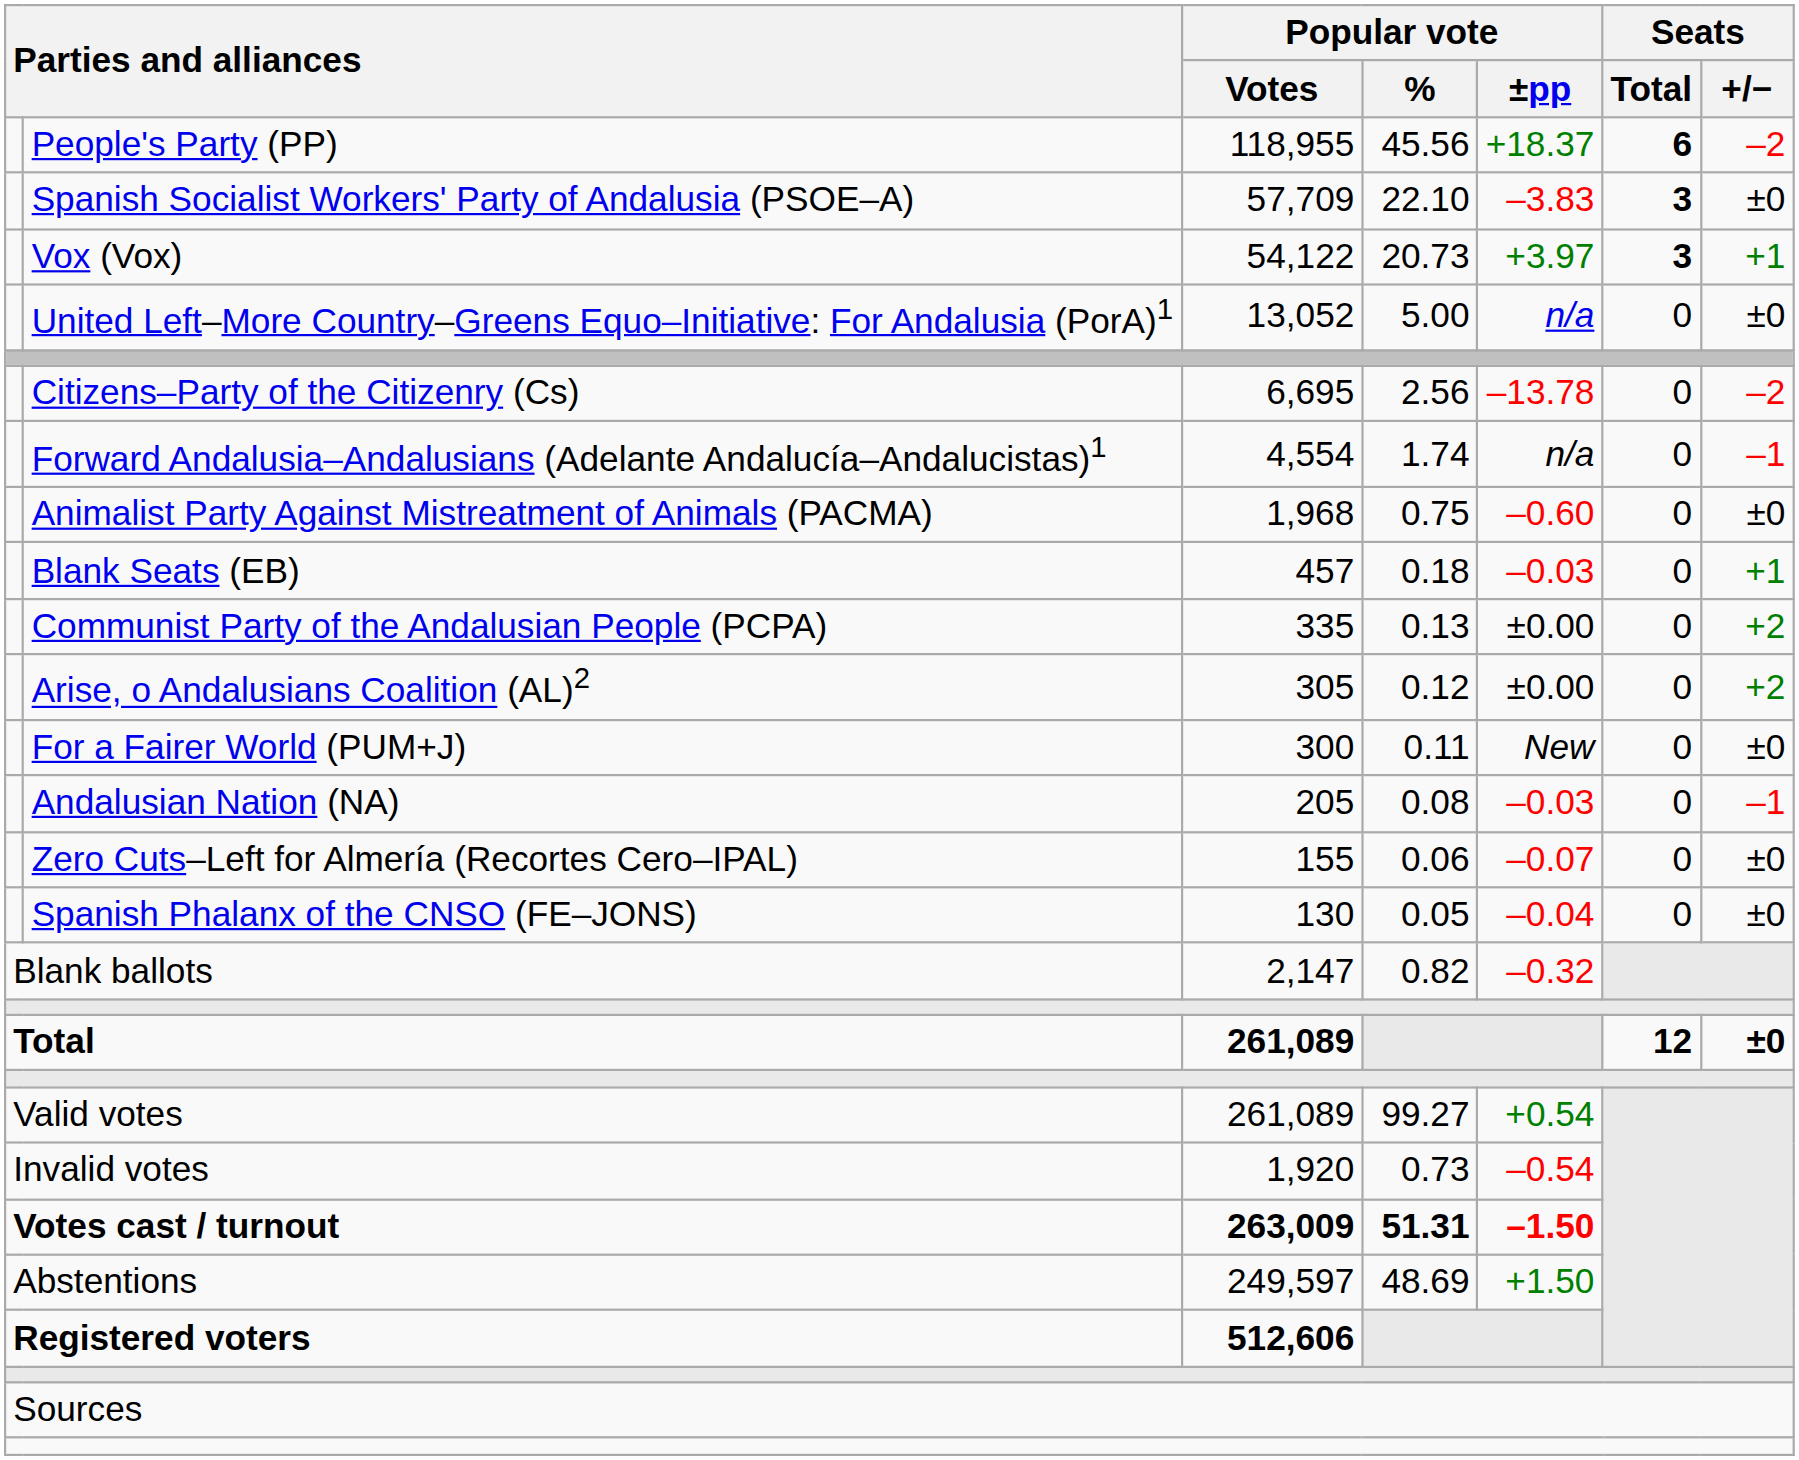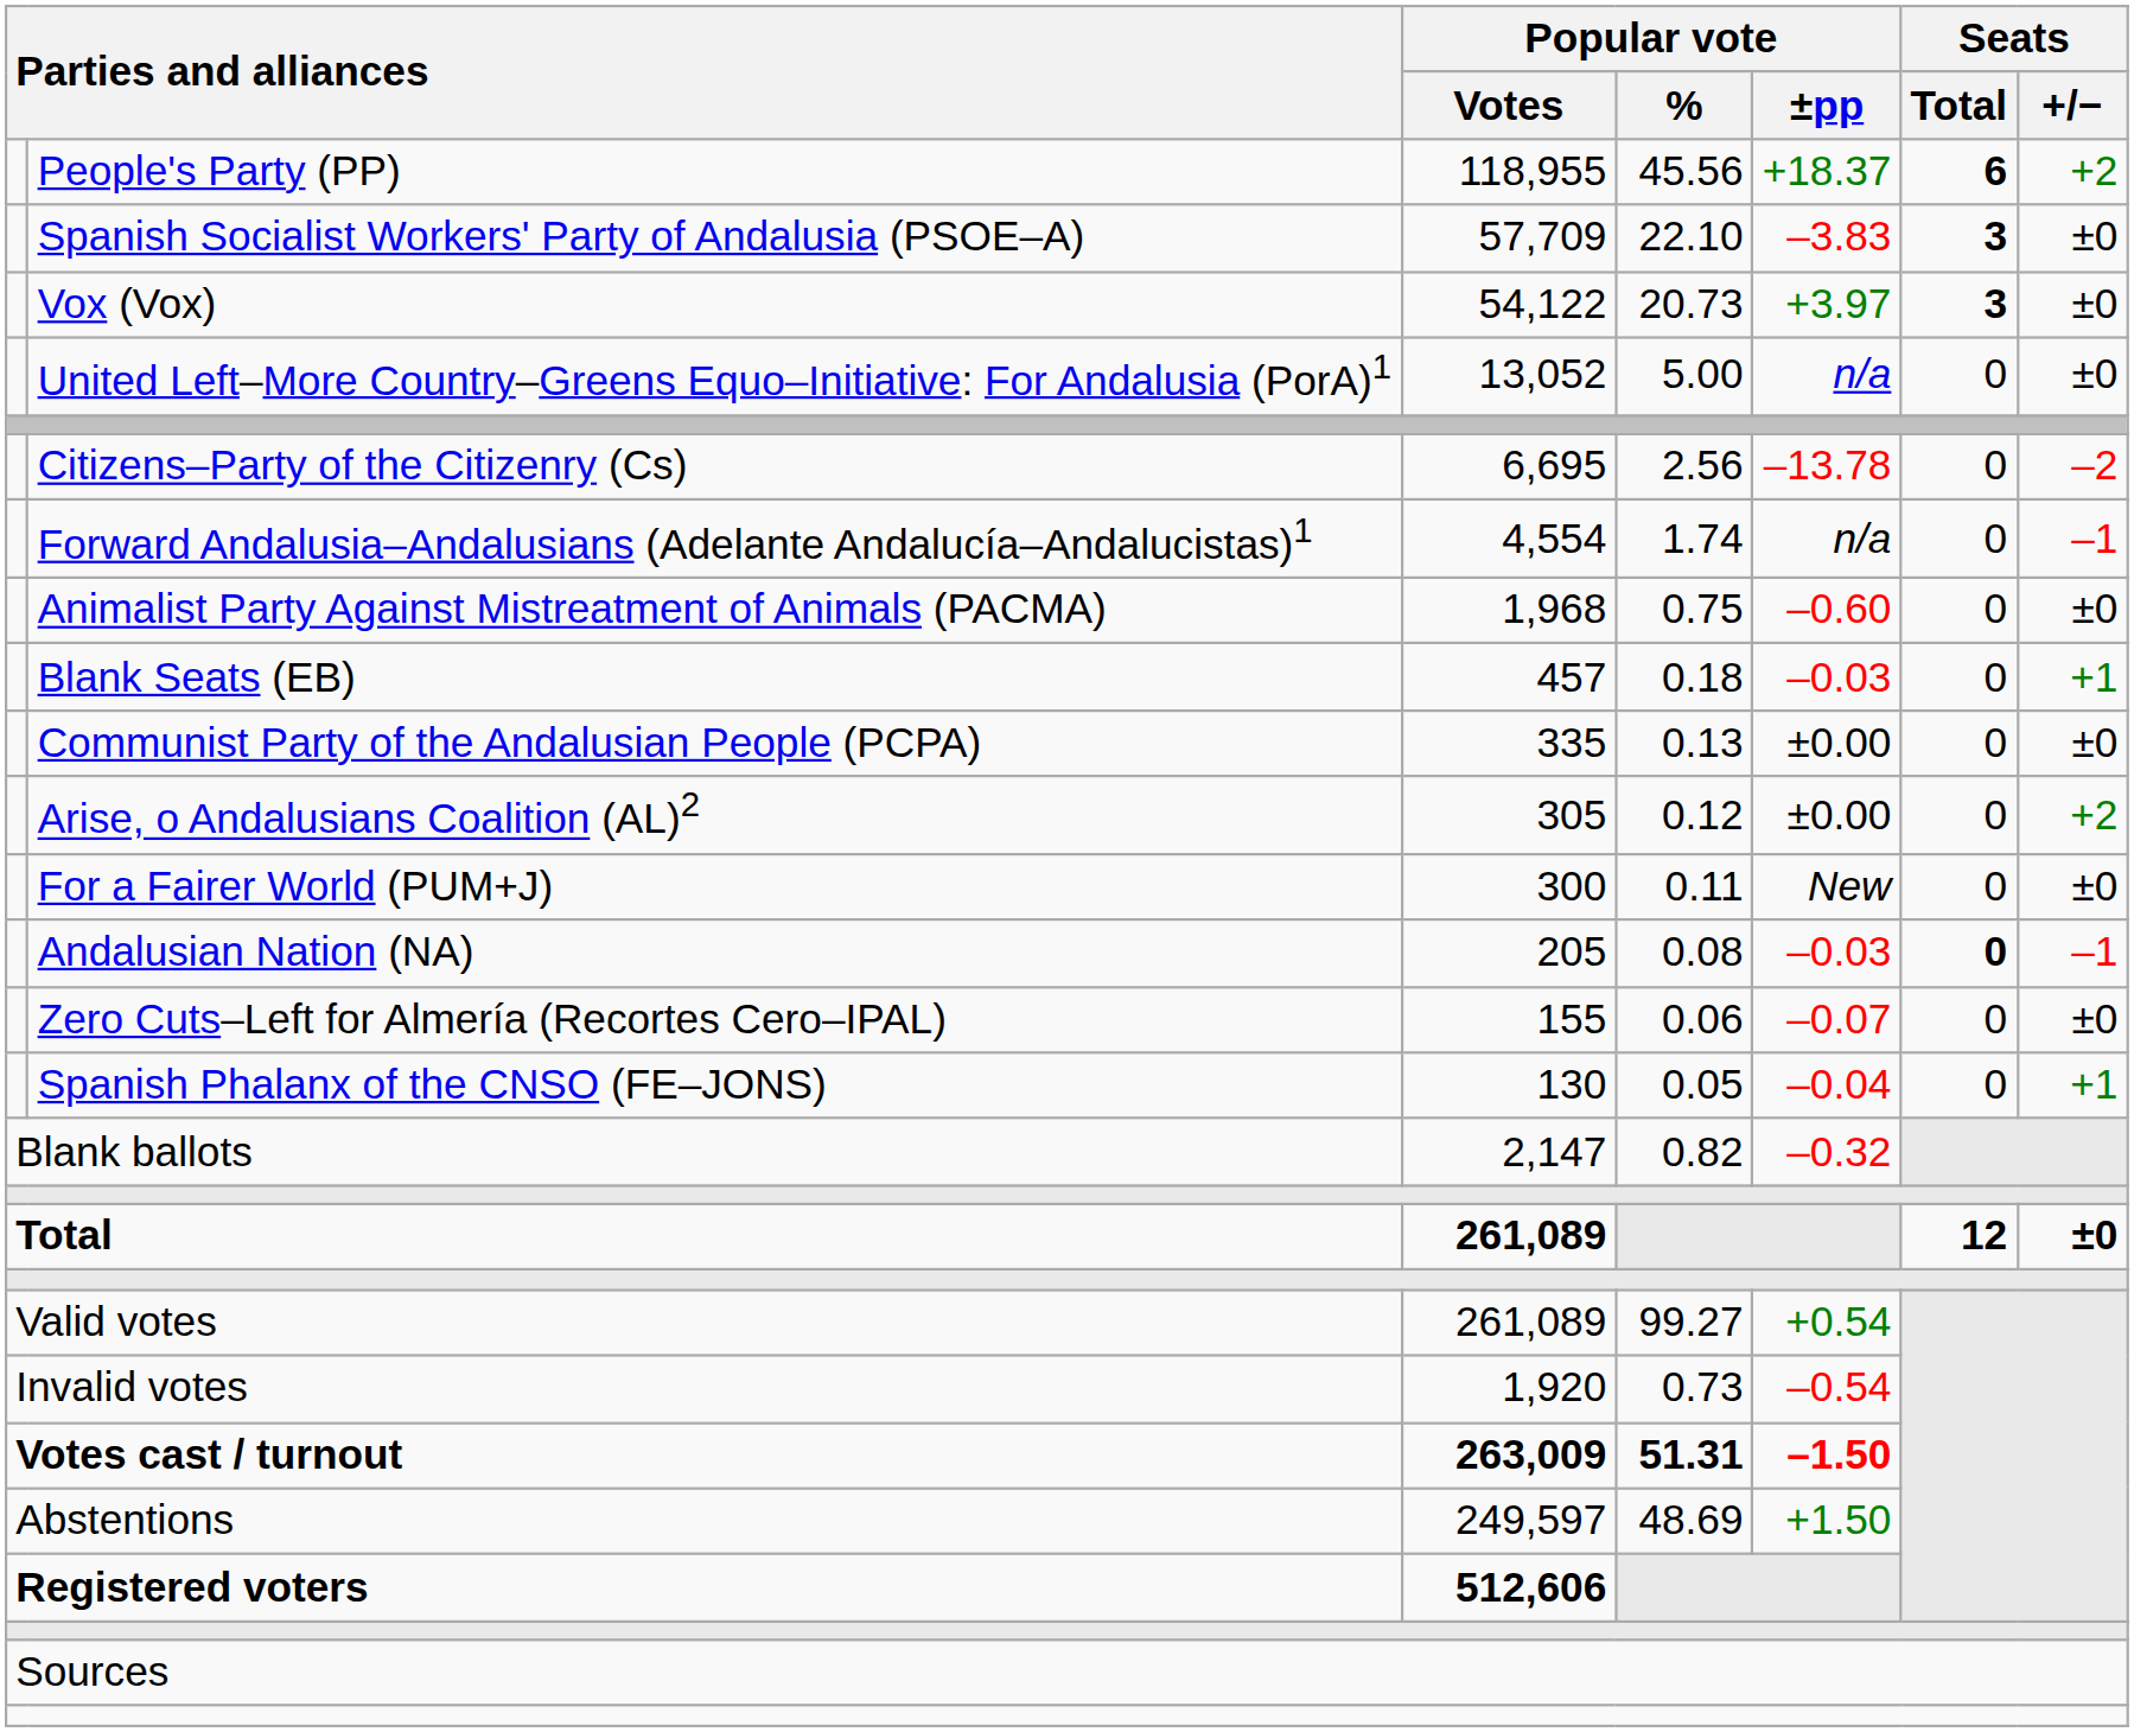 <table class="wikitable" style="text-align:right;">
 <tr>
 <th style="text-align:left;" rowspan="2" colspan="2" width="525">Parties and alliances</th>
 <th colspan="3">Popular vote</th>
 <th colspan="2">Seats</th>
 </tr>
 <tr>
 <th width="75">Votes</th>
 <th width="45">%</th>
 <th width="45">±<a href='#'>pp</a></th>
 <th width="35">Total</th>
 <th width="35">+/−</th>
 </tr>
 <tr>
 <td width="1" style="color:inherit;background:"></td>
 <td align="left"><a href='#'>People's Party</a> (PP)</td>
 <td>118,955</td>
 <td>45.56</td>
 <td style="color:green;">+18.37</td>
 <td><strong>6</strong></td>
-<td style="color:red;">–2</td>
+<td style="color:green;">+2</td>
 </tr>
 <tr>
 <td style="color:inherit;background:"></td>
 <td align="left"><a href='#'>Spanish Socialist Workers' Party of Andalusia</a> (PSOE–A)</td>
 <td>57,709</td>
 <td>22.10</td>
 <td style="color:red;">–3.83</td>
 <td><strong>3</strong></td>
 <td>±0</td>
 </tr>
 <tr>
 <td style="color:inherit;background:"></td>
 <td align="left"><a href='#'>Vox</a> (Vox)</td>
 <td>54,122</td>
 <td>20.73</td>
 <td style="color:green;">+3.97</td>
 <td><strong>3</strong></td>
-<td style="color:green;">+1</td>
+<td>±0</td>
 </tr>
 <tr>
 <td style="color:inherit;background:"></td>
 <td align="left"><a href='#'>United Left</a>–<a href='#'>More Country</a>–<a href='#'>Greens Equo–Initiative</a>: <a href='#'>For Andalusia</a> (PorA)<sup>1</sup></td>
 <td>13,052</td>
 <td>5.00</td>
 <td><em><a href='#'>n/a</a></em></td>
 <td>0</td>
 <td>±0</td>
 </tr>
 <tr>
 <td colspan="7" bgcolor="#C0C0C0"></td>
 </tr>
 <tr>
 <td style="color:inherit;background:"></td>
 <td align="left"><a href='#'>Citizens–Party of the Citizenry</a> (Cs)</td>
 <td>6,695</td>
 <td>2.56</td>
 <td style="color:red;">–13.78</td>
 <td>0</td>
 <td style="color:red;">–2</td>
 </tr>
 <tr>
 <td style="color:inherit;background:"></td>
 <td align="left"><a href='#'>Forward Andalusia–Andalusians</a> (Adelante Andalucía–Andalucistas)<sup>1</sup></td>
 <td>4,554</td>
 <td>1.74</td>
 <td><em>n/a</em></td>
 <td>0</td>
 <td style="color:red;">–1</td>
 </tr>
 <tr>
 <td style="color:inherit;background:"></td>
 <td align="left"><a href='#'>Animalist Party Against Mistreatment of Animals</a> (PACMA)</td>
 <td>1,968</td>
 <td>0.75</td>
 <td style="color:red;">–0.60</td>
 <td>0</td>
 <td>±0</td>
 </tr>
 <tr>
 <td style="color:inherit;background:"></td>
 <td align="left"><a href='#'>Blank Seats</a> (EB)</td>
 <td>457</td>
 <td>0.18</td>
 <td style="color:red;">–0.03</td>
 <td>0</td>
 <td style="color:green;">+1</td>
 </tr>
 <tr>
 <td style="color:inherit;background:"></td>
 <td align="left"><a href='#'>Communist Party of the Andalusian People</a> (PCPA)</td>
 <td>335</td>
 <td>0.13</td>
 <td>±0.00</td>
 <td>0</td>
-<td style="color:green;">+2</td>
+<td>±0</td>
 </tr>
 <tr>
 <td style="color:inherit;background:"></td>
 <td align="left"><a href='#'>Arise, o Andalusians Coalition</a> (AL)<sup>2</sup></td>
 <td>305</td>
 <td>0.12</td>
 <td>±0.00</td>
 <td>0</td>
 <td style="color:green;">+2</td>
 </tr>
 <tr>
 <td style="color:inherit;background:"></td>
 <td align="left"><a href='#'>For a Fairer World</a> (PUM+J)</td>
 <td>300</td>
 <td>0.11</td>
 <td><em>New</em></td>
 <td>0</td>
 <td>±0</td>
 </tr>
 <tr>
 <td style="color:inherit;background:"></td>
 <td align="left"><a href='#'>Andalusian Nation</a> (NA)</td>
 <td>205</td>
 <td>0.08</td>
 <td style="color:red;">–0.03</td>
-<td>0</td>
+<td><strong>0</strong></td>
 <td style="color:red;">–1</td>
 </tr>
 <tr>
 <td style="color:inherit;background:"></td>
 <td align="left"><a href='#'>Zero Cuts</a>–Left for Almería (Recortes Cero–IPAL)</td>
 <td>155</td>
 <td>0.06</td>
 <td style="color:red;">–0.07</td>
 <td>0</td>
 <td>±0</td>
 </tr>
 <tr>
 <td style="color:inherit;background:"></td>
 <td align="left"><a href='#'>Spanish Phalanx of the CNSO</a> (FE–JONS)</td>
 <td>130</td>
 <td>0.05</td>
 <td style="color:red;">–0.04</td>
 <td>0</td>
-<td>±0</td>
+<td style="color:green;">+1</td>
 </tr>
 <tr>
 <td align="left" colspan="2">Blank ballots</td>
 <td>2,147</td>
 <td>0.82</td>
 <td style="color:red;">–0.32</td>
 <td bgcolor="#E9E9E9" colspan="2"></td>
 </tr>
 <tr>
 <td colspan="7" bgcolor="#E9E9E9"></td>
 </tr>
 <tr style="font-weight:bold;">
 <td align="left" colspan="2">Total</td>
 <td>261,089</td>
 <td bgcolor="#E9E9E9" colspan="2"></td>
 <td>12</td>
 <td>±0</td>
 </tr>
 <tr>
 <td colspan="7" bgcolor="#E9E9E9"></td>
 </tr>
 <tr>
 <td align="left" colspan="2">Valid votes</td>
 <td>261,089</td>
 <td>99.27</td>
 <td style="color:green;">+0.54</td>
 <td bgcolor="#E9E9E9" colspan="2" rowspan="5"></td>
 </tr>
 <tr>
 <td align="left" colspan="2">Invalid votes</td>
 <td>1,920</td>
 <td>0.73</td>
 <td style="color:red;">–0.54</td>
 </tr>
 <tr style="font-weight:bold;">
 <td align="left" colspan="2">Votes cast / turnout</td>
 <td>263,009</td>
 <td>51.31</td>
 <td style="color:red;">–1.50</td>
 </tr>
 <tr>
 <td align="left" colspan="2">Abstentions</td>
 <td>249,597</td>
 <td>48.69</td>
 <td style="color:green;">+1.50</td>
 </tr>
 <tr style="font-weight:bold;">
 <td align="left" colspan="2">Registered voters</td>
 <td>512,606</td>
 <td bgcolor="#E9E9E9" colspan="2"></td>
 </tr>
 <tr>
 <td colspan="7" bgcolor="#E9E9E9"></td>
 </tr>
 <tr>
 <td align="left" colspan="7">Sources</td>
 </tr>
 <tr>
 <td colspan="7" style="text-align:left; max-width:790px;"></td>
 </tr>
 </table>
